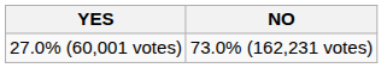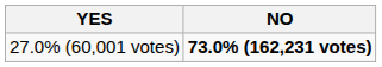 <table class="wikitable">
 <tr>
 <th>YES</th>
 <th>NO</th>
 </tr>
 <tr>
 <td>27.0% (60,001 votes)</td>
-<td>73.0% (162,231 votes)</td>
+<td><strong>73.0% (162,231 votes)</strong></td>
 </tr>
 </table>
